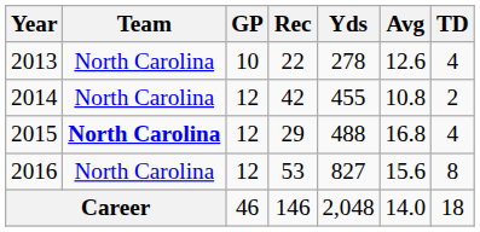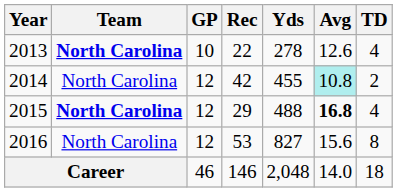 <table class="wikitable" style="text-align:center">
 <tr>
 <th>Year</th>
 <th>Team</th>
 <th>GP</th>
 <th>Rec</th>
 <th>Yds</th>
 <th>Avg</th>
 <th>TD</th>
 </tr>
 <tr>
 <td>2013</td>
-<td><a href='#'>North Carolina</a></td>
+<td><strong><a href='#'>North Carolina</a></strong></td>
 <td>10</td>
 <td>22</td>
 <td>278</td>
 <td>12.6</td>
 <td>4</td>
 </tr>
 <tr>
 <td>2014</td>
 <td><a href='#'>North Carolina</a></td>
 <td>12</td>
 <td>42</td>
 <td>455</td>
-<td>10.8</td>
+<td style="background: paleturquoise;">10.8</td>
 <td>2</td>
 </tr>
 <tr>
 <td>2015</td>
 <td><strong><a href='#'>North Carolina</a></strong></td>
 <td>12</td>
 <td>29</td>
 <td>488</td>
-<td>16.8</td>
+<td><strong>16.8</strong></td>
 <td>4</td>
 </tr>
 <tr>
 <td>2016</td>
 <td><a href='#'>North Carolina</a></td>
 <td>12</td>
 <td>53</td>
 <td>827</td>
 <td>15.6</td>
 <td>8</td>
 </tr>
 <tr>
 <th colspan=2>Career</th>
 <td>46</td>
 <td>146</td>
 <td>2,048</td>
 <td>14.0</td>
 <td>18</td>
 </tr>
 </table>
